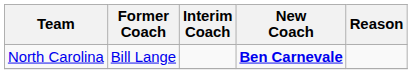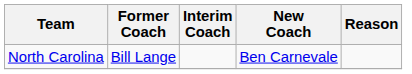 <table class="wikitable" style="text-align:center;">
 <tr>
 <th>Team</th>
 <th>Former<br>Coach</th>
 <th>Interim<br>Coach</th>
 <th>New<br>Coach</th>
 <th>Reason</th>
 </tr>
 <tr>
 <td><a href='#'>North Carolina</a></td>
 <td><a href='#'>Bill Lange</a></td>
 <td></td>
-<td><strong><a href='#'>Ben Carnevale</a></strong></td>
+<td><a href='#'>Ben Carnevale</a></td>
 <td></td>
 </tr>
 <tr>
 </tr>
 </table>
